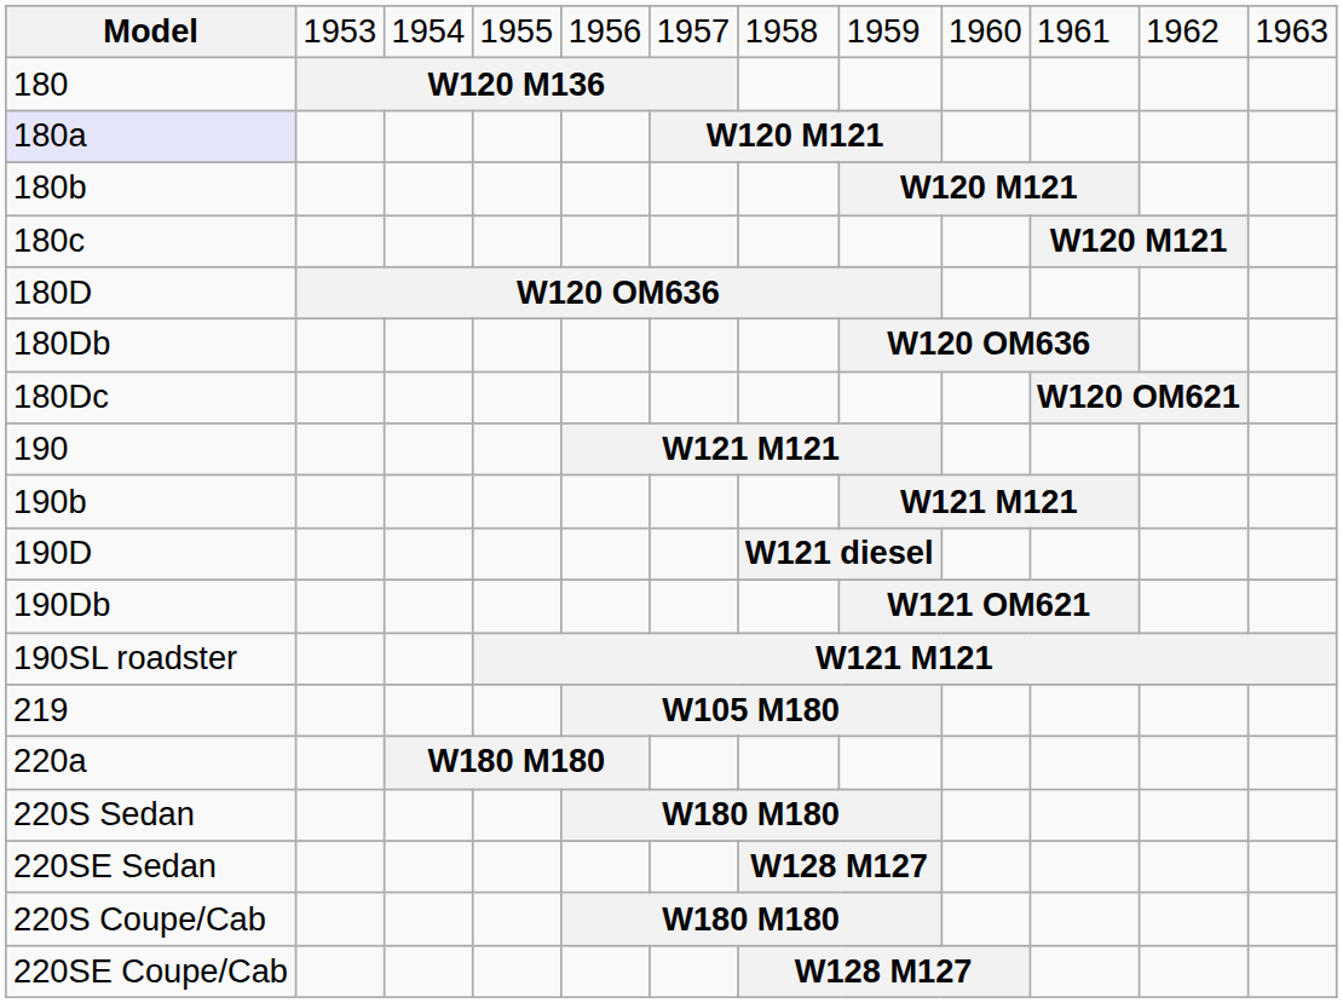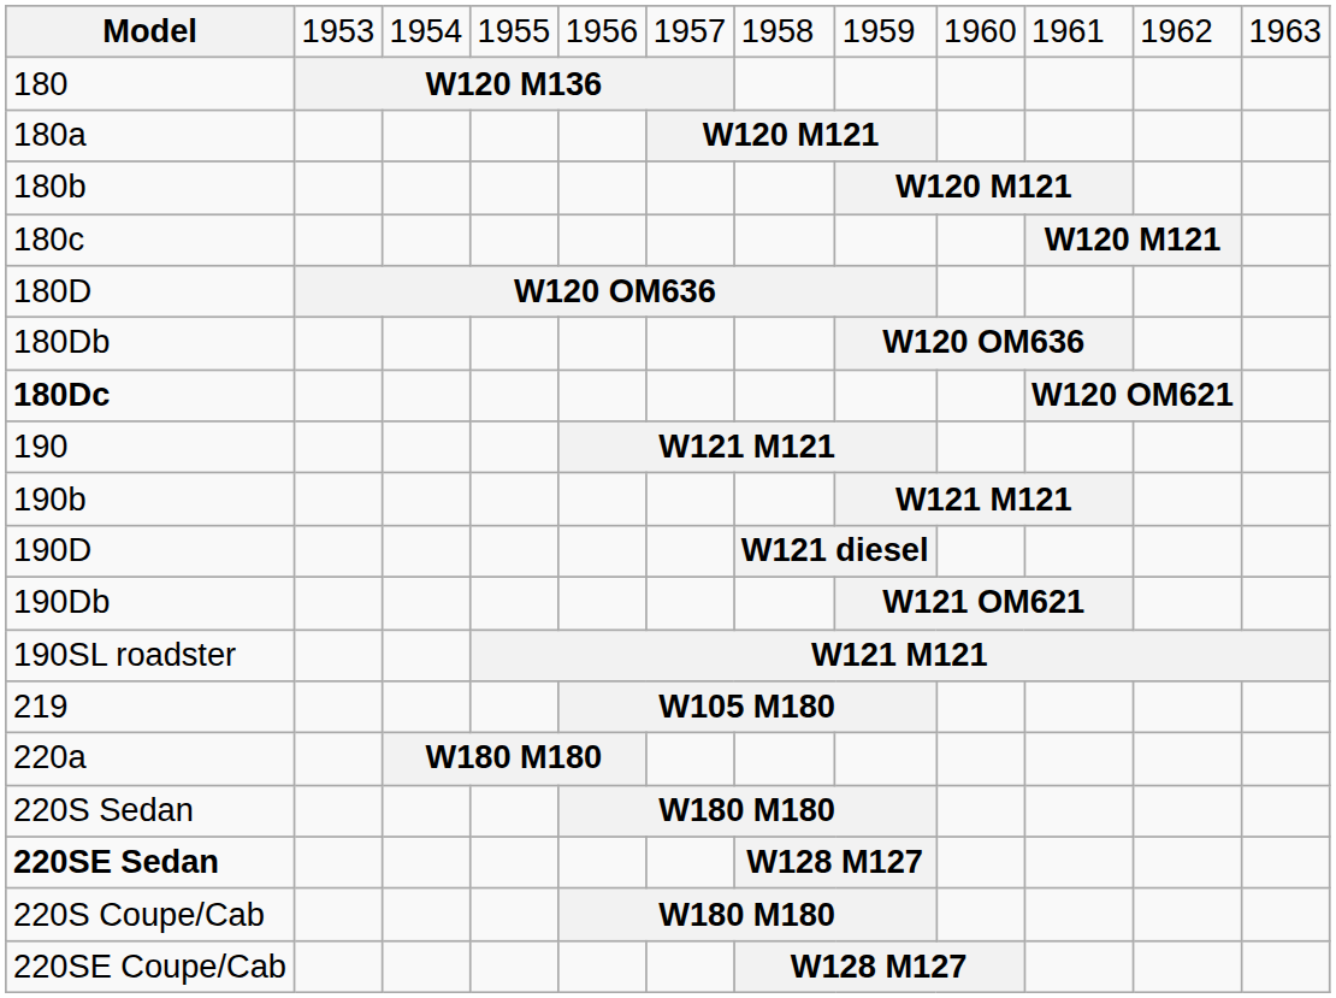 <table class="wikitable">
 <tr>
 <th>Model</th>
 <td>1953</td>
 <td>1954</td>
 <td>1955</td>
 <td>1956</td>
 <td>1957</td>
 <td>1958</td>
 <td>1959</td>
 <td>1960</td>
 <td>1961</td>
 <td>1962</td>
 <td>1963</td>
 </tr>
 <tr>
 <td>180</td>
 <th colspan="5">W120 M136</th>
 <td></td>
 <td></td>
 <td></td>
 <td></td>
 <td></td>
 <td></td>
 </tr>
 <tr>
-<td style="background: lavender;">180a</td>
+<td>180a</td>
 <td></td>
 <td></td>
 <td></td>
 <td></td>
 <th colspan="3">W120 M121</th>
 <td></td>
 <td></td>
 <td></td>
 <td></td>
 </tr>
 <tr>
 <td>180b</td>
 <td></td>
 <td></td>
 <td></td>
 <td></td>
 <td></td>
 <td></td>
 <th colspan="3">W120 M121</th>
 <td></td>
 <td></td>
 </tr>
 <tr>
 <td>180c</td>
 <td></td>
 <td></td>
 <td></td>
 <td></td>
 <td></td>
 <td></td>
 <td></td>
 <td></td>
 <th colspan="2">W120 M121</th>
 <td></td>
 </tr>
 <tr>
 <td>180D</td>
 <th colspan="7">W120 OM636</th>
 <td></td>
 <td></td>
 <td></td>
 <td></td>
 </tr>
 <tr>
 <td>180Db</td>
 <td></td>
 <td></td>
 <td></td>
 <td></td>
 <td></td>
 <td></td>
 <th colspan="3">W120 OM636</th>
 <td></td>
 <td></td>
 </tr>
 <tr>
-<td>180Dc</td>
+<td><strong>180Dc</strong></td>
 <td></td>
 <td></td>
 <td></td>
 <td></td>
 <td></td>
 <td></td>
 <td></td>
 <td></td>
 <th colspan="2">W120 OM621</th>
 <td></td>
 </tr>
 <tr>
 <td>190</td>
 <td></td>
 <td></td>
 <td></td>
 <th colspan="4">W121 M121</th>
 <td></td>
 <td></td>
 <td></td>
 <td></td>
 </tr>
 <tr>
 <td>190b</td>
 <td></td>
 <td></td>
 <td></td>
 <td></td>
 <td></td>
 <td></td>
 <th colspan="3">W121 M121</th>
 <td></td>
 <td></td>
 </tr>
 <tr>
 <td>190D</td>
 <td></td>
 <td></td>
 <td></td>
 <td></td>
 <td></td>
 <th colspan="2">W121 diesel</th>
 <td></td>
 <td></td>
 <td></td>
 <td></td>
 </tr>
 <tr>
 <td>190Db</td>
 <td></td>
 <td></td>
 <td></td>
 <td></td>
 <td></td>
 <td></td>
 <th colspan="3">W121 OM621</th>
 <td></td>
 <td></td>
 </tr>
 <tr>
 <td>190SL roadster</td>
 <td></td>
 <td></td>
 <th colspan="9">W121 M121</th>
 </tr>
 <tr>
 <td>219</td>
 <td></td>
 <td></td>
 <td></td>
 <th colspan="4">W105 M180</th>
 <td></td>
 <td></td>
 <td></td>
 <td></td>
 </tr>
 <tr>
 <td>220a</td>
 <td></td>
 <th colspan="3">W180 M180</th>
 <td></td>
 <td></td>
 <td></td>
 <td></td>
 <td></td>
 <td></td>
 <td></td>
 </tr>
 <tr>
 <td>220S Sedan</td>
 <td></td>
 <td></td>
 <td></td>
 <th colspan="4">W180 M180</th>
 <td></td>
 <td></td>
 <td></td>
 <td></td>
 </tr>
 <tr>
-<td>220SE Sedan</td>
+<td><strong>220SE Sedan</strong></td>
 <td></td>
 <td></td>
 <td></td>
 <td></td>
 <td></td>
 <th colspan="2">W128 M127</th>
 <td></td>
 <td></td>
 <td></td>
 <td></td>
 </tr>
 <tr>
 <td>220S Coupe/Cab</td>
 <td></td>
 <td></td>
 <td></td>
 <th colspan="4">W180 M180</th>
 <td></td>
 <td></td>
 <td></td>
 <td></td>
 </tr>
 <tr>
 <td>220SE Coupe/Cab</td>
 <td></td>
 <td></td>
 <td></td>
 <td></td>
 <td></td>
 <th colspan="3">W128 M127</th>
 <td></td>
 <td></td>
 <td></td>
 </tr>
 </table>
